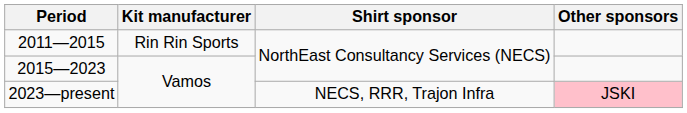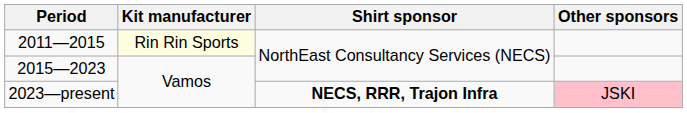 <table class="wikitable" style="text-align:center;margin-left:1em;float:center">
 <tr>
 <th>Period</th>
 <th>Kit manufacturer</th>
 <th>Shirt sponsor</th>
 <th>Other sponsors</th>
 </tr>
 <tr>
 <td>2011—2015</td>
-<td>Rin Rin Sports</td>
+<td style="background: lightyellow;">Rin Rin Sports</td>
 <td rowspan=2>NorthEast Consultancy Services (NECS)</td>
 </tr>
 <tr>
 <td>2015—2023</td>
 <td rowspan="2">Vamos</td>
 <td></td>
 </tr>
 <tr>
 <td>2023—present</td>
-<td>NECS, RRR, Trajon Infra</td>
+<td><strong>NECS, RRR, Trajon Infra</strong></td>
 <td style="background: pink;">JSKI</td>
 </tr>
 </table>
